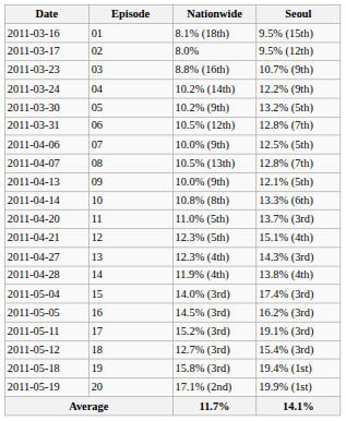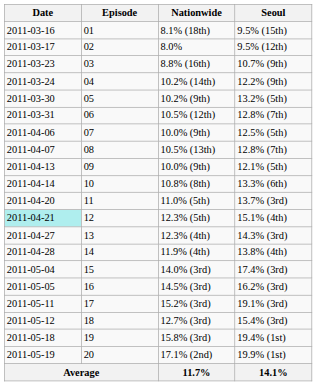 <table class="wikitable" style="font-size: 90%;">
 <tr>
 <th width=100>Date</th>
 <th width=100>Episode</th>
 <th width=100>Nationwide</th>
 <th width=100>Seoul</th>
 </tr>
 <tr>
 <td>2011-03-16</td>
 <td>01</td>
 <td>8.1% (18th)</td>
 <td>9.5% (15th)</td>
 </tr>
 <tr>
 <td>2011-03-17</td>
 <td>02</td>
 <td>8.0%</td>
 <td>9.5% (12th)</td>
 </tr>
 <tr>
 <td>2011-03-23</td>
 <td>03</td>
 <td>8.8% (16th)</td>
 <td>10.7% (9th)</td>
 </tr>
 <tr>
 <td>2011-03-24</td>
 <td>04</td>
 <td>10.2% (14th)</td>
 <td>12.2% (9th)</td>
 </tr>
 <tr>
 <td>2011-03-30</td>
 <td>05</td>
 <td>10.2% (9th)</td>
 <td>13.2% (5th)</td>
 </tr>
 <tr>
 <td>2011-03-31</td>
 <td>06</td>
 <td>10.5% (12th)</td>
 <td>12.8% (7th)</td>
 </tr>
 <tr>
 <td>2011-04-06</td>
 <td>07</td>
 <td>10.0% (9th)</td>
 <td>12.5% (5th)</td>
 </tr>
 <tr>
 <td>2011-04-07</td>
 <td>08</td>
 <td>10.5% (13th)</td>
 <td>12.8% (7th)</td>
 </tr>
 <tr>
 <td>2011-04-13</td>
 <td>09</td>
 <td>10.0% (9th)</td>
 <td>12.1% (5th)</td>
 </tr>
 <tr>
 <td>2011-04-14</td>
 <td>10</td>
 <td>10.8% (8th)</td>
 <td>13.3% (6th)</td>
 </tr>
 <tr>
 <td>2011-04-20</td>
 <td>11</td>
 <td>11.0% (5th)</td>
 <td>13.7% (3rd)</td>
 </tr>
 <tr>
-<td>2011-04-21</td>
+<td style="background: paleturquoise;">2011-04-21</td>
 <td>12</td>
 <td>12.3% (5th)</td>
 <td>15.1% (4th)</td>
 </tr>
 <tr>
 <td>2011-04-27</td>
 <td>13</td>
 <td>12.3% (4th)</td>
 <td>14.3% (3rd)</td>
 </tr>
 <tr>
 <td>2011-04-28</td>
 <td>14</td>
 <td>11.9% (4th)</td>
 <td>13.8% (4th)</td>
 </tr>
 <tr>
 <td>2011-05-04</td>
 <td>15</td>
 <td>14.0% (3rd)</td>
 <td>17.4% (3rd)</td>
 </tr>
 <tr>
 <td>2011-05-05</td>
 <td>16</td>
 <td>14.5% (3rd)</td>
 <td>16.2% (3rd)</td>
 </tr>
 <tr>
 <td>2011-05-11</td>
 <td>17</td>
 <td>15.2% (3rd)</td>
 <td>19.1% (3rd)</td>
 </tr>
 <tr>
 <td>2011-05-12</td>
 <td>18</td>
 <td>12.7% (3rd)</td>
 <td>15.4% (3rd)</td>
 </tr>
 <tr>
 <td>2011-05-18</td>
 <td>19</td>
 <td>15.8% (3rd)</td>
 <td>19.4% (1st)</td>
 </tr>
 <tr>
 <td>2011-05-19</td>
 <td>20</td>
 <td>17.1% (2nd)</td>
 <td>19.9% (1st)</td>
 </tr>
 <tr>
 <th colspan=2>Average</th>
 <th>11.7%</th>
 <th>14.1%</th>
 </tr>
 </table>
